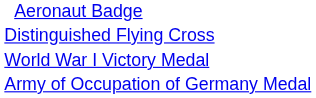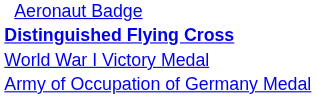 <table>
 <tr>
 <td>  <a href='#'>Aeronaut Badge</a></td>
 </tr>
 <tr>
-<td> <a href='#'>Distinguished Flying Cross</a></td>
+<td><strong> <a href='#'>Distinguished Flying Cross</a></strong></td>
 </tr>
 <tr>
 <td> <a href='#'>World War I Victory Medal</a></td>
 </tr>
 <tr>
 <td> <a href='#'>Army of Occupation of Germany Medal</a></td>
 </tr>
 </table>
